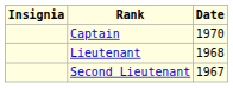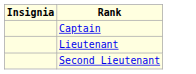 <table class="wikitable">
 <tr>
 <th style="background:#FFFFE0">Insignia</th>
 <th style="background:#FFFFE0">Rank</th>
-<th style="background:#FFFFE0">Date</th>
 </tr>
 <tr>
 <td style="background:#FFFFE0"></td>
 <td style="background:#FFFFE0"><a href='#'>Captain</a></td>
-<td style="background:#FFFFE0">1970</td>
 </tr>
 <tr>
 <td style="background:#FFFFE0"></td>
 <td style="background:#FFFFE0"><a href='#'>Lieutenant</a></td>
-<td style="background:#FFFFE0">1968</td>
 </tr>
 <tr>
 <td style="background:#FFFFE0"></td>
 <td style="background:#FFFFE0"><a href='#'>Second Lieutenant</a></td>
-<td style="background:#FFFFE0">1967</td>
 </tr>
 </table>
